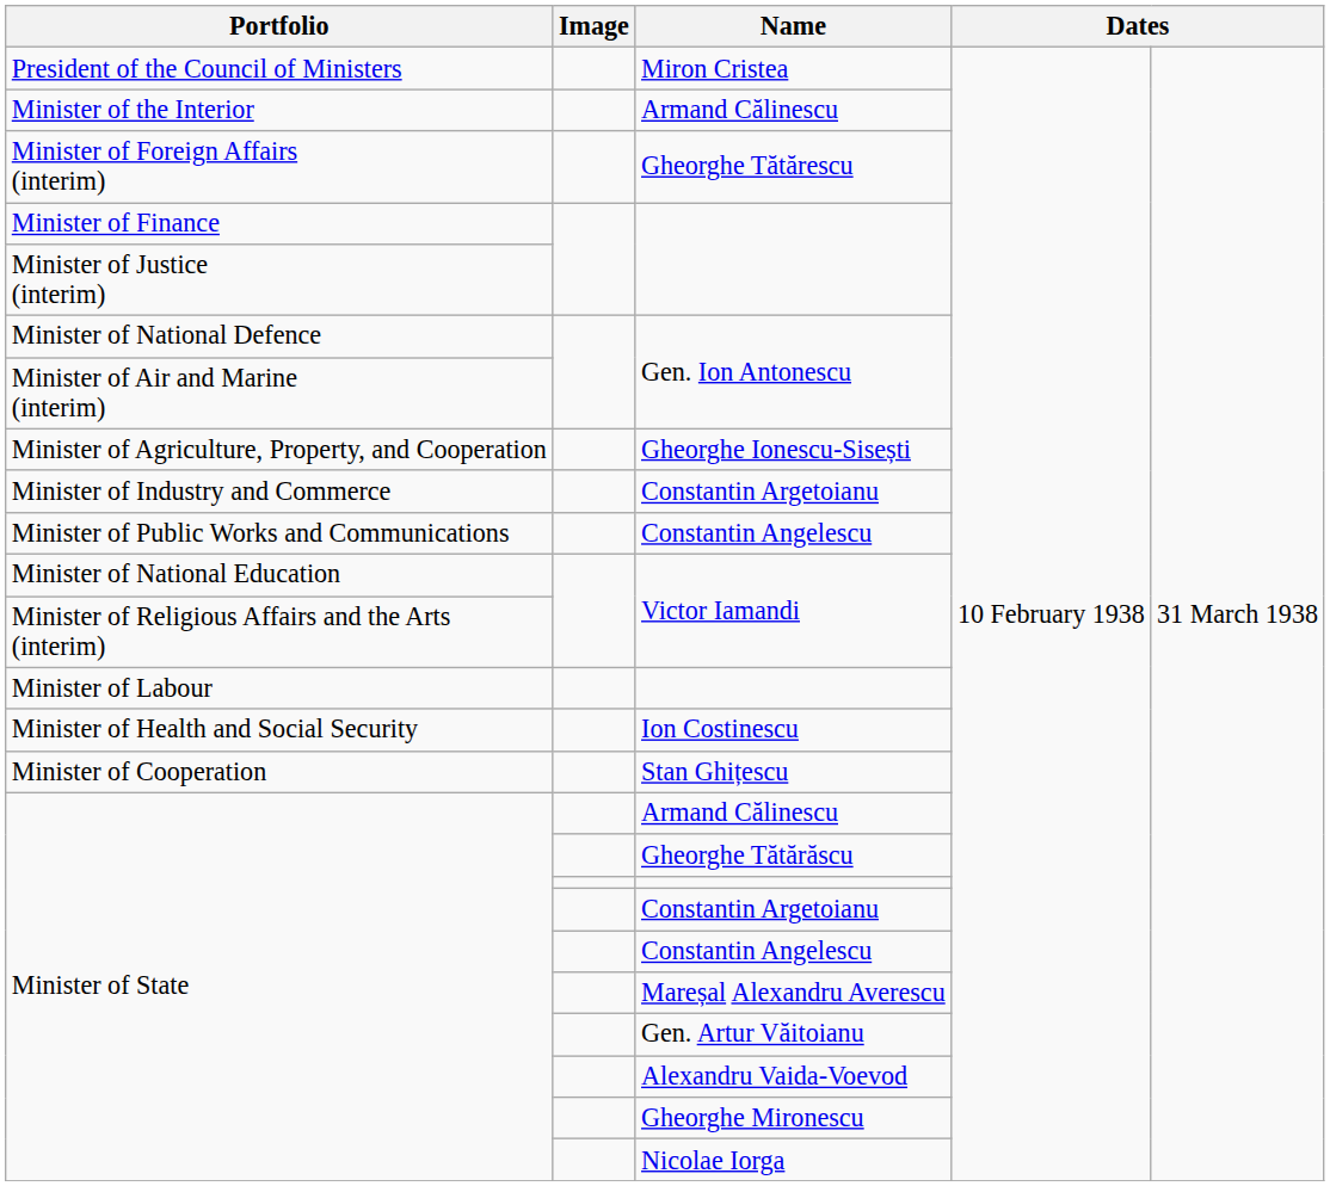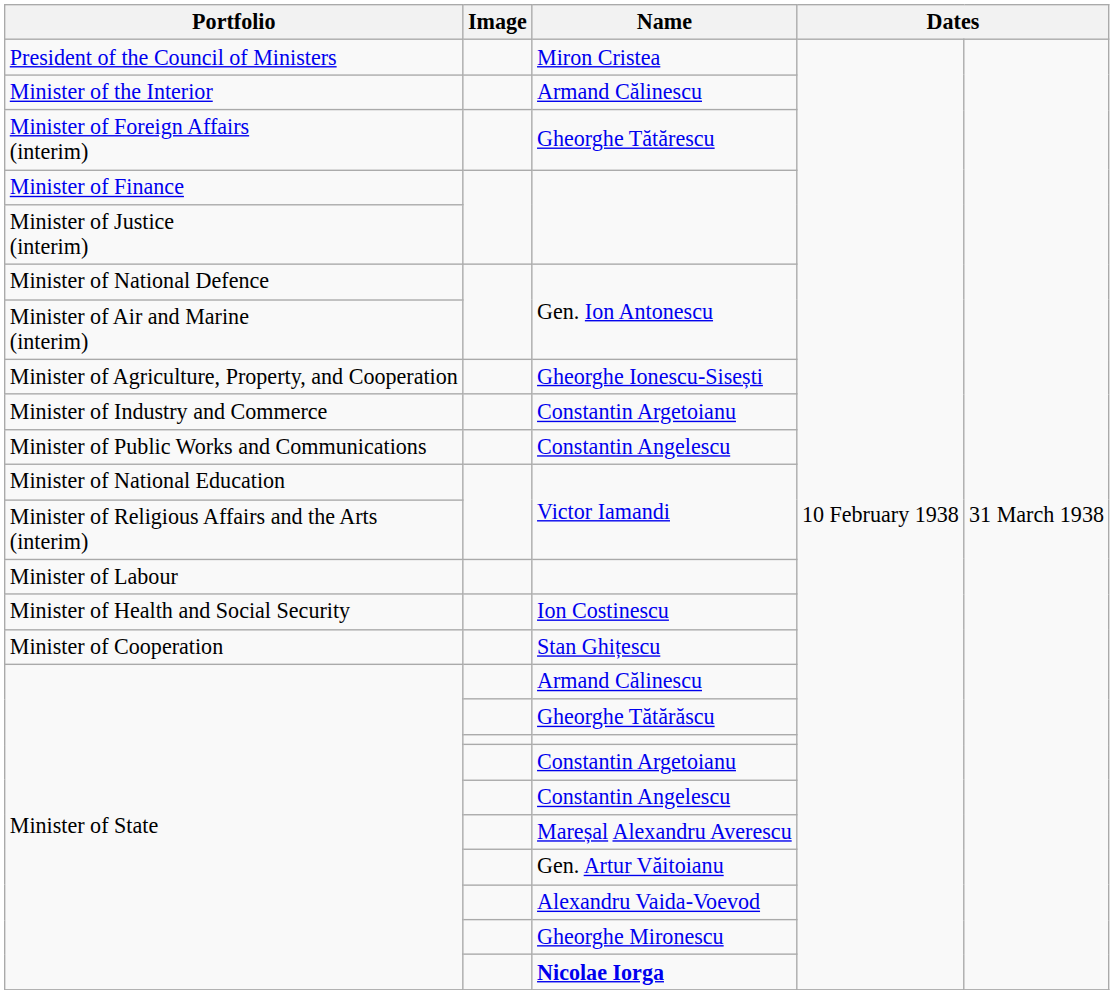 <table class="wikitable">
 <tr>
 <th>Portfolio</th>
 <th>Image</th>
 <th>Name</th>
 <th colspan=2>Dates</th>
 </tr>
 <tr>
 <td><a href='#'>President of the Council of Ministers</a></td>
 <td></td>
 <td><a href='#'>Miron Cristea</a></td>
 <td rowspan=25>10 February 1938</td>
 <td rowspan=25>31 March 1938</td>
 </tr>
 <tr>
 <td><a href='#'>Minister of the Interior</a></td>
 <td></td>
 <td><a href='#'>Armand Călinescu</a></td>
 </tr>
 <tr>
 <td><a href='#'>Minister of Foreign Affairs</a><br>(interim)</td>
 <td></td>
 <td><a href='#'>Gheorghe Tătărescu</a></td>
 </tr>
 <tr>
 <td><a href='#'>Minister of Finance</a></td>
 <td rowspan=2></td>
 <td rowspan=2></td>
 </tr>
 <tr>
 <td>Minister of Justice<br>(interim)</td>
 </tr>
 <tr>
 <td>Minister of National Defence</td>
 <td rowspan=2></td>
 <td rowspan=2>Gen. <a href='#'>Ion Antonescu</a></td>
 </tr>
 <tr>
 <td>Minister of Air and Marine<br>(interim)</td>
 </tr>
 <tr>
 <td>Minister of Agriculture, Property, and Cooperation</td>
 <td></td>
 <td><a href='#'>Gheorghe Ionescu-Sisești</a></td>
 </tr>
 <tr>
 <td>Minister of Industry and Commerce</td>
 <td></td>
 <td><a href='#'>Constantin Argetoianu</a></td>
 </tr>
 <tr>
 <td>Minister of Public Works and Communications</td>
 <td></td>
 <td><a href='#'>Constantin Angelescu</a></td>
 </tr>
 <tr>
 <td>Minister of National Education</td>
 <td rowspan=2></td>
 <td rowspan=2><a href='#'>Victor Iamandi</a></td>
 </tr>
 <tr>
 <td>Minister of Religious Affairs and the Arts<br>(interim)</td>
 </tr>
 <tr>
 <td>Minister of Labour</td>
 <td></td>
 <td></td>
 </tr>
 <tr>
 <td>Minister of Health and Social Security</td>
 <td></td>
 <td><a href='#'>Ion Costinescu</a></td>
 </tr>
 <tr>
 <td>Minister of Cooperation</td>
 <td></td>
 <td><a href='#'>Stan Ghițescu</a></td>
 </tr>
 <tr>
 <td rowspan=10>Minister of State</td>
 <td></td>
 <td><a href='#'>Armand Călinescu</a></td>
 </tr>
 <tr>
 <td></td>
 <td><a href='#'>Gheorghe Tătărăscu</a></td>
 </tr>
 <tr>
 <td></td>
 <td></td>
 </tr>
 <tr>
 <td></td>
 <td><a href='#'>Constantin Argetoianu</a></td>
 </tr>
 <tr>
 <td></td>
 <td><a href='#'>Constantin Angelescu</a></td>
 </tr>
 <tr>
 <td></td>
 <td><a href='#'>Mareșal</a> <a href='#'>Alexandru Averescu</a></td>
 </tr>
 <tr>
 <td></td>
 <td>Gen. <a href='#'>Artur Văitoianu</a></td>
 </tr>
 <tr>
 <td></td>
 <td><a href='#'>Alexandru Vaida-Voevod</a></td>
 </tr>
 <tr>
 <td></td>
 <td><a href='#'>Gheorghe Mironescu</a></td>
 </tr>
 <tr>
 <td></td>
-<td><a href='#'>Nicolae Iorga</a></td>
+<td><strong><a href='#'>Nicolae Iorga</a></strong></td>
 </tr>
 <tr>
 </tr>
 </table>
